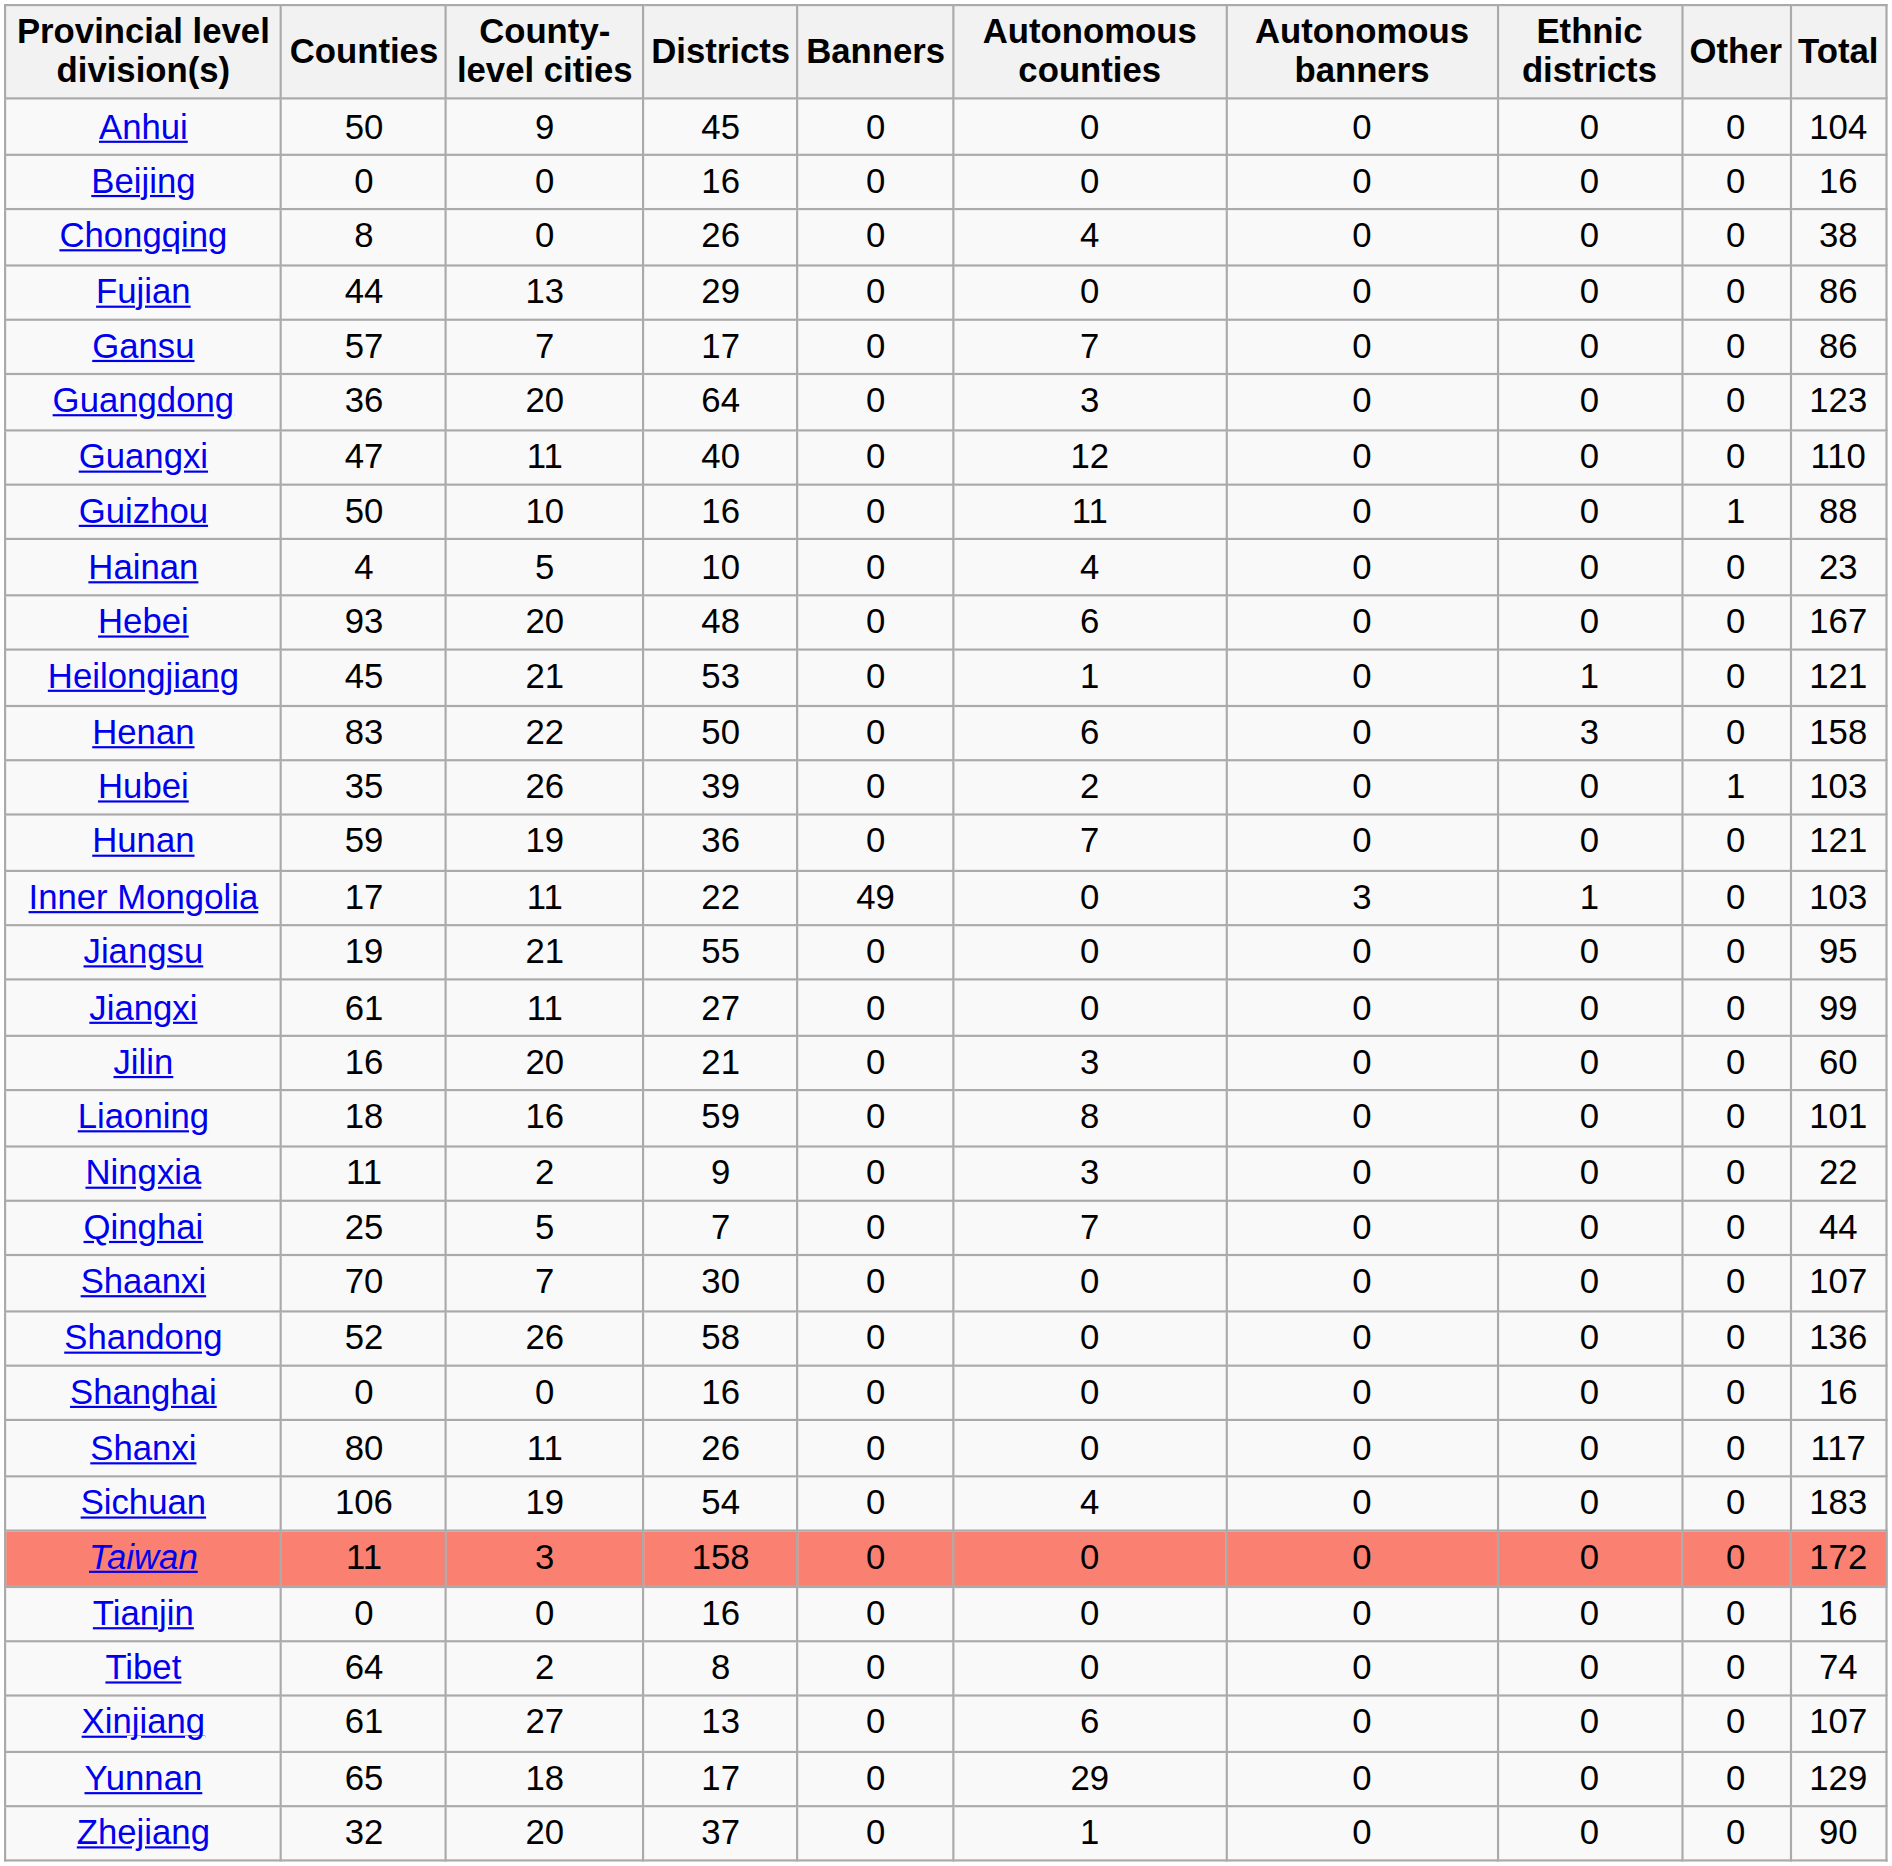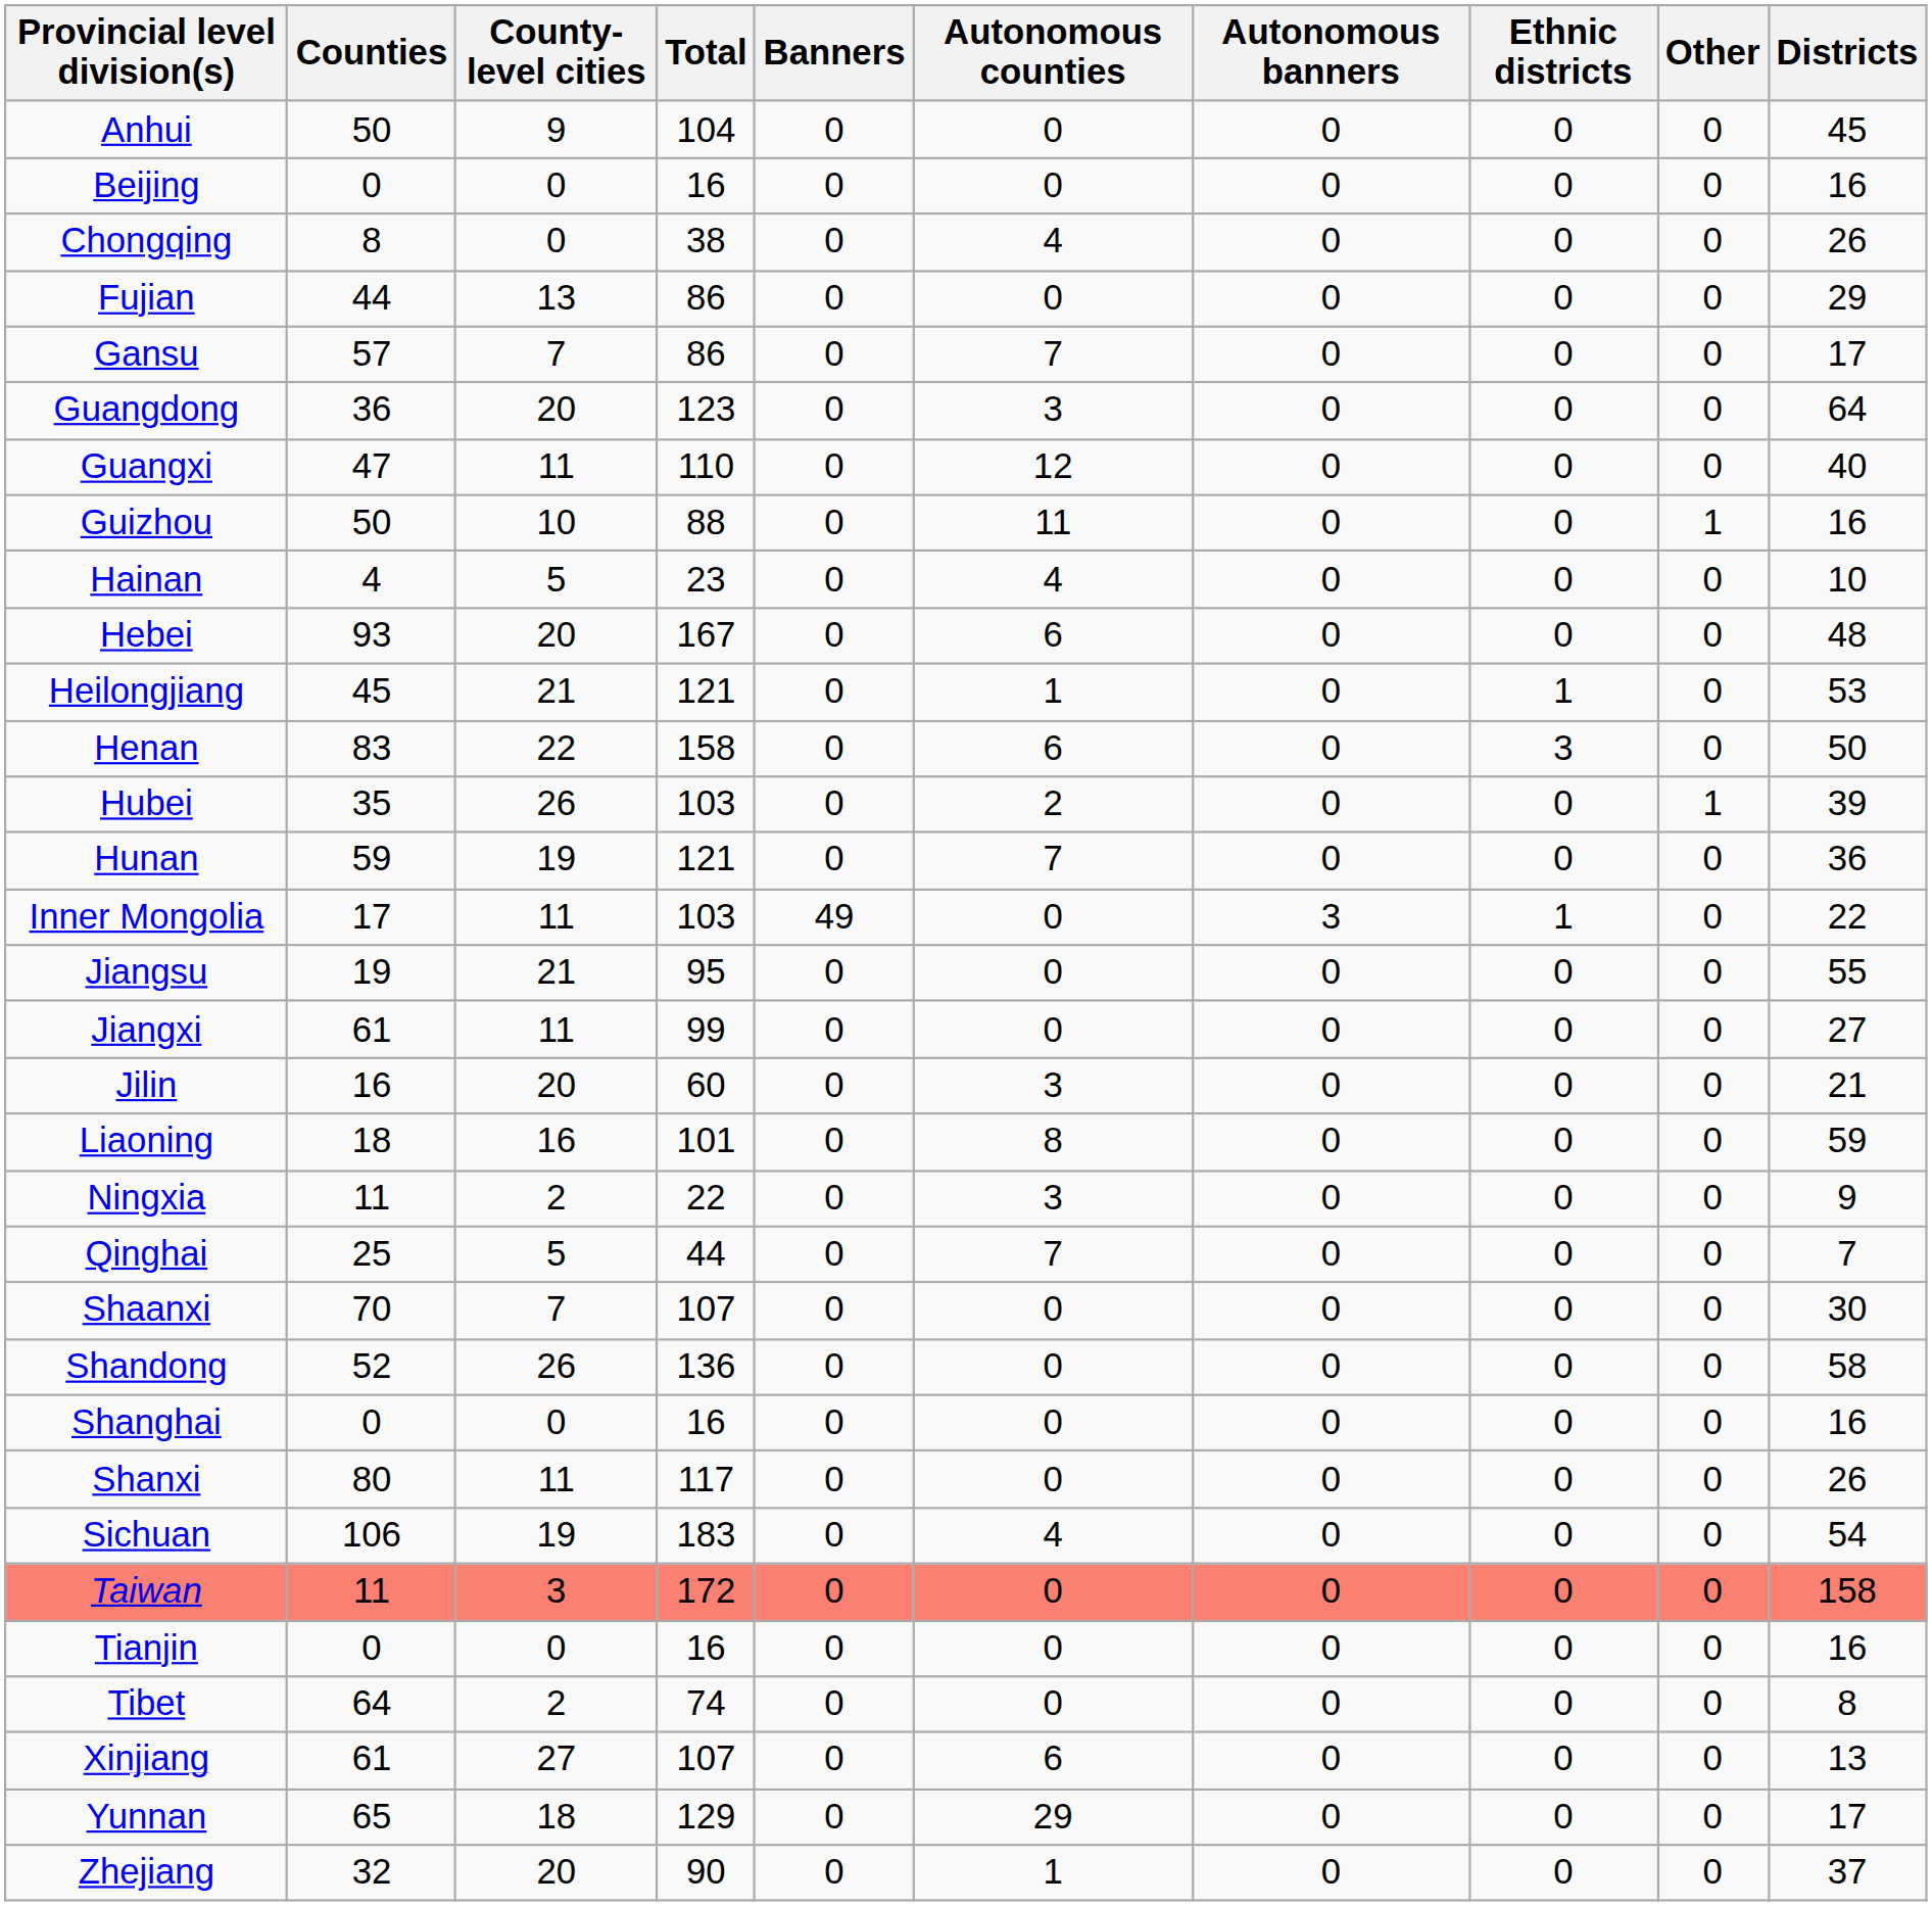 <table class="wikitable sortable" style=text-align:center>
 <tr>
 <th>Provincial level division(s)</th>
 <th>Counties</th>
 <th>County-level cities</th>
-<th>Districts</th>
+<th>Total</th>
 <th>Banners</th>
 <th>Autonomous counties</th>
 <th>Autonomous banners</th>
 <th>Ethnic districts</th>
 <th>Other</th>
-<th>Total</th>
+<th>Districts</th>
 </tr>
 <tr>
 <td><a href='#'>Anhui</a></td>
 <td>50</td>
 <td>9</td>
-<td>45</td>
+<td>104</td>
 <td>0</td>
 <td>0</td>
 <td>0</td>
 <td>0</td>
 <td>0</td>
-<td>104</td>
+<td>45</td>
 </tr>
 <tr>
 <td><a href='#'>Beijing</a></td>
 <td>0</td>
 <td>0</td>
 <td>16</td>
 <td>0</td>
 <td>0</td>
 <td>0</td>
 <td>0</td>
 <td>0</td>
 <td>16</td>
 </tr>
 <tr>
 <td><a href='#'>Chongqing</a></td>
 <td>8</td>
 <td>0</td>
-<td>26</td>
+<td>38</td>
 <td>0</td>
 <td>4</td>
 <td>0</td>
 <td>0</td>
 <td>0</td>
-<td>38</td>
+<td>26</td>
 </tr>
 <tr>
 <td><a href='#'>Fujian</a></td>
 <td>44</td>
 <td>13</td>
-<td>29</td>
+<td>86</td>
 <td>0</td>
 <td>0</td>
 <td>0</td>
 <td>0</td>
 <td>0</td>
-<td>86</td>
+<td>29</td>
 </tr>
 <tr>
 <td><a href='#'>Gansu</a></td>
 <td>57</td>
 <td>7</td>
-<td>17</td>
+<td>86</td>
 <td>0</td>
 <td>7</td>
 <td>0</td>
 <td>0</td>
 <td>0</td>
-<td>86</td>
+<td>17</td>
 </tr>
 <tr>
 <td><a href='#'>Guangdong</a></td>
 <td>36</td>
 <td>20</td>
-<td>64</td>
+<td>123</td>
 <td>0</td>
 <td>3</td>
 <td>0</td>
 <td>0</td>
 <td>0</td>
-<td>123</td>
+<td>64</td>
 </tr>
 <tr>
 <td><a href='#'>Guangxi</a></td>
 <td>47</td>
 <td>11</td>
-<td>40</td>
+<td>110</td>
 <td>0</td>
 <td>12</td>
 <td>0</td>
 <td>0</td>
 <td>0</td>
-<td>110</td>
+<td>40</td>
 </tr>
 <tr>
 <td><a href='#'>Guizhou</a></td>
 <td>50</td>
 <td>10</td>
-<td>16</td>
+<td>88</td>
 <td>0</td>
 <td>11</td>
 <td>0</td>
 <td>0</td>
 <td>1</td>
-<td>88</td>
+<td>16</td>
 </tr>
 <tr>
 <td><a href='#'>Hainan</a></td>
 <td>4</td>
 <td>5</td>
-<td>10</td>
+<td>23</td>
 <td>0</td>
 <td>4</td>
 <td>0</td>
 <td>0</td>
 <td>0</td>
-<td>23</td>
+<td>10</td>
 </tr>
 <tr>
 <td><a href='#'>Hebei</a></td>
 <td>93</td>
 <td>20</td>
-<td>48</td>
+<td>167</td>
 <td>0</td>
 <td>6</td>
 <td>0</td>
 <td>0</td>
 <td>0</td>
-<td>167</td>
+<td>48</td>
 </tr>
 <tr>
 <td><a href='#'>Heilongjiang</a></td>
 <td>45</td>
 <td>21</td>
-<td>53</td>
+<td>121</td>
 <td>0</td>
 <td>1</td>
 <td>0</td>
 <td>1</td>
 <td>0</td>
-<td>121</td>
+<td>53</td>
 </tr>
 <tr>
 <td><a href='#'>Henan</a></td>
 <td>83</td>
 <td>22</td>
-<td>50</td>
+<td>158</td>
 <td>0</td>
 <td>6</td>
 <td>0</td>
 <td>3</td>
 <td>0</td>
-<td>158</td>
+<td>50</td>
 </tr>
 <tr>
 <td><a href='#'>Hubei</a></td>
 <td>35</td>
 <td>26</td>
-<td>39</td>
+<td>103</td>
 <td>0</td>
 <td>2</td>
 <td>0</td>
 <td>0</td>
 <td>1</td>
-<td>103</td>
+<td>39</td>
 </tr>
 <tr>
 <td><a href='#'>Hunan</a></td>
 <td>59</td>
 <td>19</td>
-<td>36</td>
+<td>121</td>
 <td>0</td>
 <td>7</td>
 <td>0</td>
 <td>0</td>
 <td>0</td>
-<td>121</td>
+<td>36</td>
 </tr>
 <tr>
 <td><a href='#'>Inner Mongolia</a></td>
 <td>17</td>
 <td>11</td>
-<td>22</td>
+<td>103</td>
 <td>49</td>
 <td>0</td>
 <td>3</td>
 <td>1</td>
 <td>0</td>
-<td>103</td>
+<td>22</td>
 </tr>
 <tr>
 <td><a href='#'>Jiangsu</a></td>
 <td>19</td>
 <td>21</td>
-<td>55</td>
+<td>95</td>
 <td>0</td>
 <td>0</td>
 <td>0</td>
 <td>0</td>
 <td>0</td>
-<td>95</td>
+<td>55</td>
 </tr>
 <tr>
 <td><a href='#'>Jiangxi</a></td>
 <td>61</td>
 <td>11</td>
-<td>27</td>
+<td>99</td>
 <td>0</td>
 <td>0</td>
 <td>0</td>
 <td>0</td>
 <td>0</td>
-<td>99</td>
+<td>27</td>
 </tr>
 <tr>
 <td><a href='#'>Jilin</a></td>
 <td>16</td>
 <td>20</td>
-<td>21</td>
+<td>60</td>
 <td>0</td>
 <td>3</td>
 <td>0</td>
 <td>0</td>
 <td>0</td>
-<td>60</td>
+<td>21</td>
 </tr>
 <tr>
 <td><a href='#'>Liaoning</a></td>
 <td>18</td>
 <td>16</td>
-<td>59</td>
+<td>101</td>
 <td>0</td>
 <td>8</td>
 <td>0</td>
 <td>0</td>
 <td>0</td>
-<td>101</td>
+<td>59</td>
 </tr>
 <tr>
 <td><a href='#'>Ningxia</a></td>
 <td>11</td>
 <td>2</td>
-<td>9</td>
+<td>22</td>
 <td>0</td>
 <td>3</td>
 <td>0</td>
 <td>0</td>
 <td>0</td>
-<td>22</td>
+<td>9</td>
 </tr>
 <tr>
 <td><a href='#'>Qinghai</a></td>
 <td>25</td>
 <td>5</td>
-<td>7</td>
+<td>44</td>
 <td>0</td>
 <td>7</td>
 <td>0</td>
 <td>0</td>
 <td>0</td>
-<td>44</td>
+<td>7</td>
 </tr>
 <tr>
 <td><a href='#'>Shaanxi</a></td>
 <td>70</td>
 <td>7</td>
-<td>30</td>
+<td>107</td>
 <td>0</td>
 <td>0</td>
 <td>0</td>
 <td>0</td>
 <td>0</td>
-<td>107</td>
+<td>30</td>
 </tr>
 <tr>
 <td><a href='#'>Shandong</a></td>
 <td>52</td>
 <td>26</td>
-<td>58</td>
+<td>136</td>
 <td>0</td>
 <td>0</td>
 <td>0</td>
 <td>0</td>
 <td>0</td>
-<td>136</td>
+<td>58</td>
 </tr>
 <tr>
 <td><a href='#'>Shanghai</a></td>
 <td>0</td>
 <td>0</td>
 <td>16</td>
 <td>0</td>
 <td>0</td>
 <td>0</td>
 <td>0</td>
 <td>0</td>
 <td>16</td>
 </tr>
 <tr>
 <td><a href='#'>Shanxi</a></td>
 <td>80</td>
 <td>11</td>
-<td>26</td>
+<td>117</td>
 <td>0</td>
 <td>0</td>
 <td>0</td>
 <td>0</td>
 <td>0</td>
-<td>117</td>
+<td>26</td>
 </tr>
 <tr>
 <td><a href='#'>Sichuan</a></td>
 <td>106</td>
 <td>19</td>
-<td>54</td>
+<td>183</td>
 <td>0</td>
 <td>4</td>
 <td>0</td>
 <td>0</td>
 <td>0</td>
-<td>183</td>
+<td>54</td>
 </tr>
 <tr style="background: salmon;">
 <td><em><a href='#'>Taiwan</a></em></td>
 <td>11</td>
 <td>3</td>
-<td>158</td>
+<td>172</td>
 <td>0</td>
 <td>0</td>
 <td>0</td>
 <td>0</td>
 <td>0</td>
-<td>172</td>
+<td>158</td>
 </tr>
 <tr>
 <td><a href='#'>Tianjin</a></td>
 <td>0</td>
 <td>0</td>
 <td>16</td>
 <td>0</td>
 <td>0</td>
 <td>0</td>
 <td>0</td>
 <td>0</td>
 <td>16</td>
 </tr>
 <tr>
 <td><a href='#'>Tibet</a></td>
 <td>64</td>
 <td>2</td>
-<td>8</td>
+<td>74</td>
 <td>0</td>
 <td>0</td>
 <td>0</td>
 <td>0</td>
 <td>0</td>
-<td>74</td>
+<td>8</td>
 </tr>
 <tr>
 <td><a href='#'>Xinjiang</a></td>
 <td>61</td>
 <td>27</td>
-<td>13</td>
+<td>107</td>
 <td>0</td>
 <td>6</td>
 <td>0</td>
 <td>0</td>
 <td>0</td>
-<td>107</td>
+<td>13</td>
 </tr>
 <tr>
 <td><a href='#'>Yunnan</a></td>
 <td>65</td>
 <td>18</td>
-<td>17</td>
+<td>129</td>
 <td>0</td>
 <td>29</td>
 <td>0</td>
 <td>0</td>
 <td>0</td>
-<td>129</td>
+<td>17</td>
 </tr>
 <tr>
 <td><a href='#'>Zhejiang</a></td>
 <td>32</td>
 <td>20</td>
-<td>37</td>
+<td>90</td>
 <td>0</td>
 <td>1</td>
 <td>0</td>
 <td>0</td>
 <td>0</td>
-<td>90</td>
+<td>37</td>
 </tr>
 </table>
